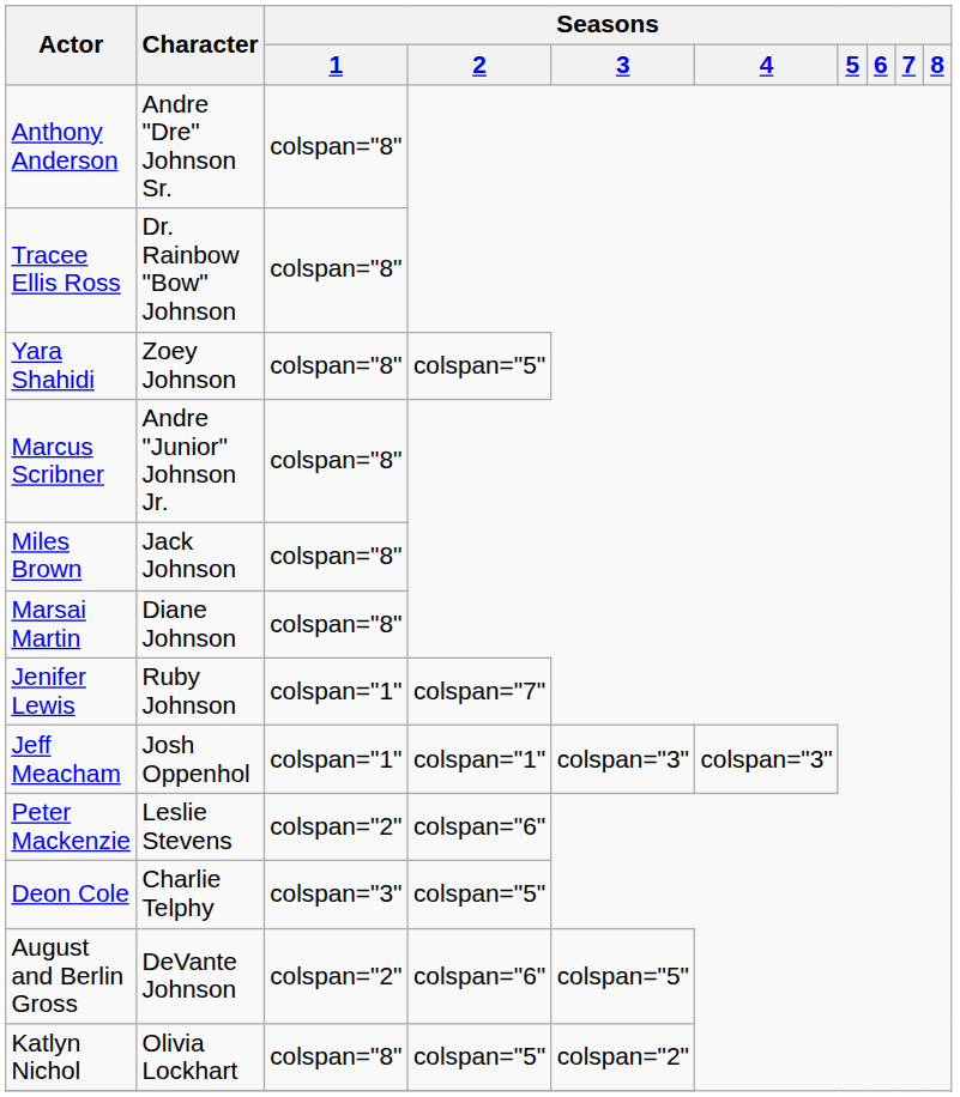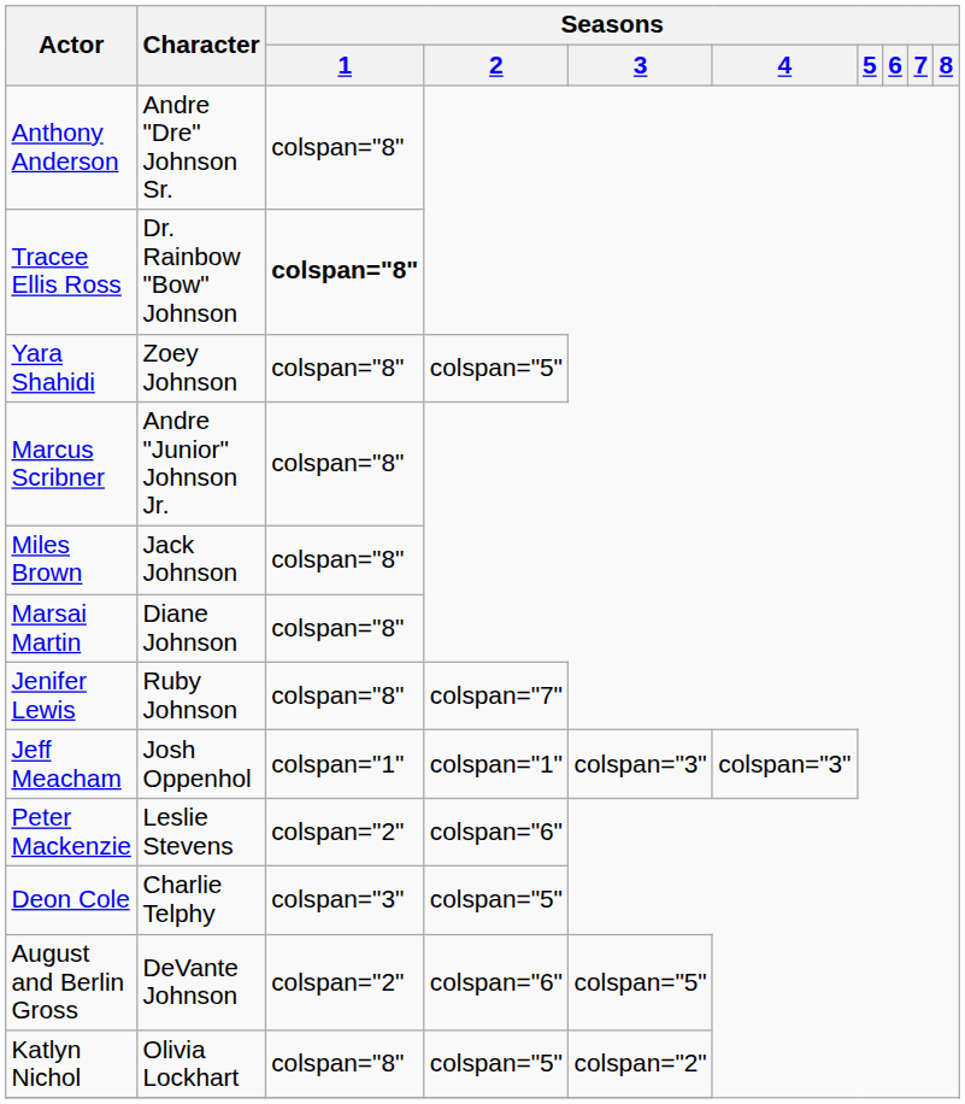 <table class="wikitable">
 <tr>
 <th rowspan="2">Actor</th>
 <th rowspan="2">Character</th>
 <th colspan="8">Seasons</th>
 </tr>
 <tr>
 <th style="width:10%;"><a href='#'>1</a></th>
 <th style="width:10%;"><a href='#'>2</a></th>
 <th style="width:10%;"><a href='#'>3</a></th>
 <th style="width:10%;"><a href='#'>4</a></th>
 <th style="width:10%;"><a href='#'>5</a></th>
 <th style="width:10%;"><a href='#'>6</a></th>
 <th style="width:10%;"><a href='#'>7</a></th>
 <th style="width:10%;"><a href='#'>8</a></th>
 </tr>
 <tr>
 <td><a href='#'>Anthony Anderson</a></td>
 <td>Andre "Dre" Johnson Sr.</td>
 <td>colspan="8" </td>
 </tr>
 <tr>
 <td><a href='#'>Tracee Ellis Ross</a></td>
 <td>Dr. Rainbow "Bow" Johnson</td>
-<td>colspan="8" </td>
+<td><strong>colspan="8" </strong></td>
 </tr>
 <tr>
 <td><a href='#'>Yara Shahidi</a></td>
 <td>Zoey Johnson</td>
 <td>colspan="8" </td>
 <td>colspan="5" </td>
 </tr>
 <tr>
 <td><a href='#'>Marcus Scribner</a></td>
 <td>Andre "Junior" Johnson Jr.</td>
 <td>colspan="8" </td>
 </tr>
 <tr>
 <td><a href='#'>Miles Brown</a></td>
 <td>Jack Johnson</td>
 <td>colspan="8" </td>
 </tr>
 <tr>
 <td><a href='#'>Marsai Martin</a></td>
 <td>Diane Johnson</td>
 <td>colspan="8" </td>
 </tr>
 <tr>
 <td><a href='#'>Jenifer Lewis</a></td>
 <td>Ruby Johnson</td>
-<td>colspan="1" </td>
+<td>colspan="8" </td>
 <td>colspan="7" </td>
 </tr>
 <tr>
 <td><a href='#'>Jeff Meacham</a></td>
 <td>Josh Oppenhol</td>
 <td>colspan="1" </td>
 <td>colspan="1" </td>
 <td>colspan="3" </td>
 <td>colspan="3" </td>
 </tr>
 <tr>
 <td><a href='#'>Peter Mackenzie</a></td>
 <td>Leslie Stevens</td>
 <td>colspan="2" </td>
 <td>colspan="6" </td>
 </tr>
 <tr>
 <td><a href='#'>Deon Cole</a></td>
 <td>Charlie Telphy</td>
 <td>colspan="3" </td>
 <td>colspan="5" </td>
 </tr>
 <tr>
 <td>August and Berlin Gross</td>
 <td>DeVante Johnson</td>
 <td>colspan="2" </td>
 <td>colspan="6" </td>
 <td>colspan="5" </td>
 </tr>
 <tr>
 <td>Katlyn Nichol</td>
 <td>Olivia Lockhart</td>
 <td>colspan="8" </td>
 <td>colspan="5" </td>
 <td>colspan="2" </td>
 </tr>
 <tr>
 </tr>
 </table>
